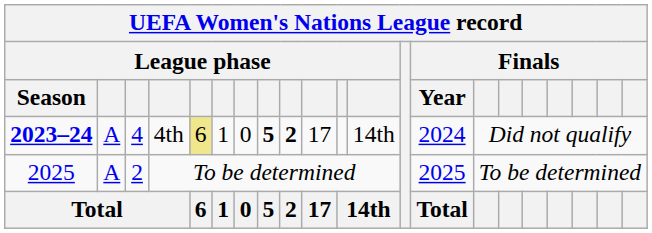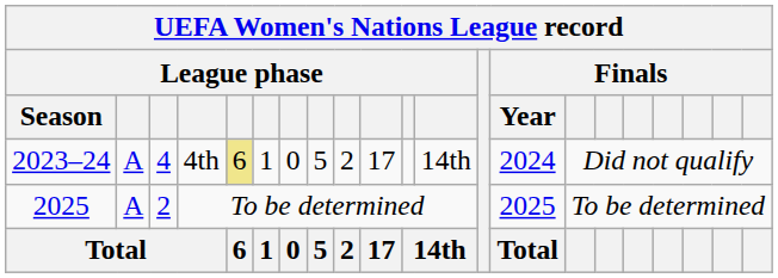 <table class="wikitable" style="text-align:center">
 <tr>
 <th colspan="22"><a href='#'>UEFA Women's Nations League</a> record</th>
 </tr>
 <tr>
 <th colspan="12">League phase</th>
 <th rowspan="5"></th>
 <th colspan="9">Finals</th>
 </tr>
 <tr>
 <th>Season</th>
 <th></th>
 <th></th>
 <th></th>
 <th></th>
 <th></th>
 <th></th>
 <th></th>
 <th></th>
 <th></th>
 <th></th>
 <th></th>
 <th>Year</th>
 <th></th>
 <th></th>
 <th></th>
 <th></th>
 <th></th>
 <th></th>
 <th></th>
 </tr>
 <tr>
-<td><strong><a href='#'>2023–24</a></strong></td>
+<td><a href='#'>2023–24</a></td>
 <td><a href='#'>A</a></td>
 <td><a href='#'>4</a></td>
 <td>4th</td>
 <td style="background: khaki;">6</td>
 <td>1</td>
 <td>0</td>
-<td><strong>5</strong></td>
-<td><strong>2</strong></td>
+<td>5</td>
+<td>2</td>
 <td>17</td>
 <td></td>
 <td>14th</td>
 <td> <a href='#'>2024</a></td>
 <td colspan="8"><em>Did not qualify</em></td>
 </tr>
 <tr>
 <td><a href='#'>2025</a></td>
 <td><a href='#'>A</a></td>
 <td><a href='#'>2</a></td>
 <td colspan="9"><em>To be determined</em></td>
 <td> <a href='#'>2025</a></td>
 <td colspan="7"><em>To be determined</em></td>
 </tr>
 <tr>
 <th colspan="4">Total</th>
 <th>6</th>
 <th>1</th>
 <th>0</th>
 <th>5</th>
 <th>2</th>
 <th>17</th>
 <th colspan=2>14th</th>
 <th>Total</th>
 <th></th>
 <th></th>
 <th></th>
 <th></th>
 <th></th>
 <th></th>
 <th></th>
 </tr>
 </table>
